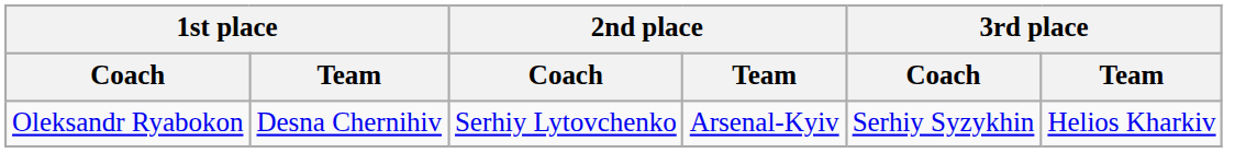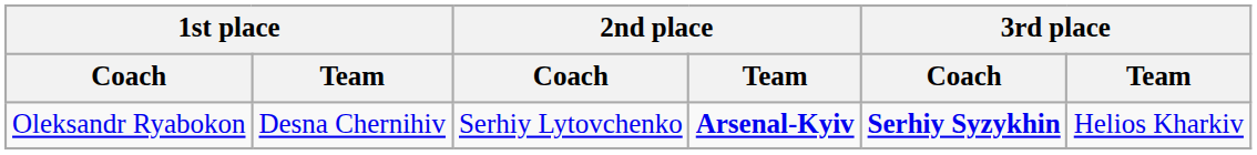 <table class="wikitable" style="font-size:75%">
 <tr>
 <th colspan=2>1st place</th>
 <th colspan=2>2nd place</th>
 <th colspan=2>3rd place</th>
 </tr>
 <tr>
 <th>Coach</th>
 <th>Team</th>
 <th>Coach</th>
 <th>Team</th>
 <th>Coach</th>
 <th>Team</th>
 </tr>
 <tr>
 <td><a href='#'>Oleksandr Ryabokon</a></td>
 <td><a href='#'>Desna Chernihiv</a></td>
 <td><a href='#'>Serhiy Lytovchenko</a></td>
-<td><a href='#'>Arsenal-Kyiv</a></td>
-<td><a href='#'>Serhiy Syzykhin</a></td>
+<td><strong><a href='#'>Arsenal-Kyiv</a></strong></td>
+<td><strong><a href='#'>Serhiy Syzykhin</a></strong></td>
 <td><a href='#'>Helios Kharkiv</a></td>
 </tr>
 </table>
